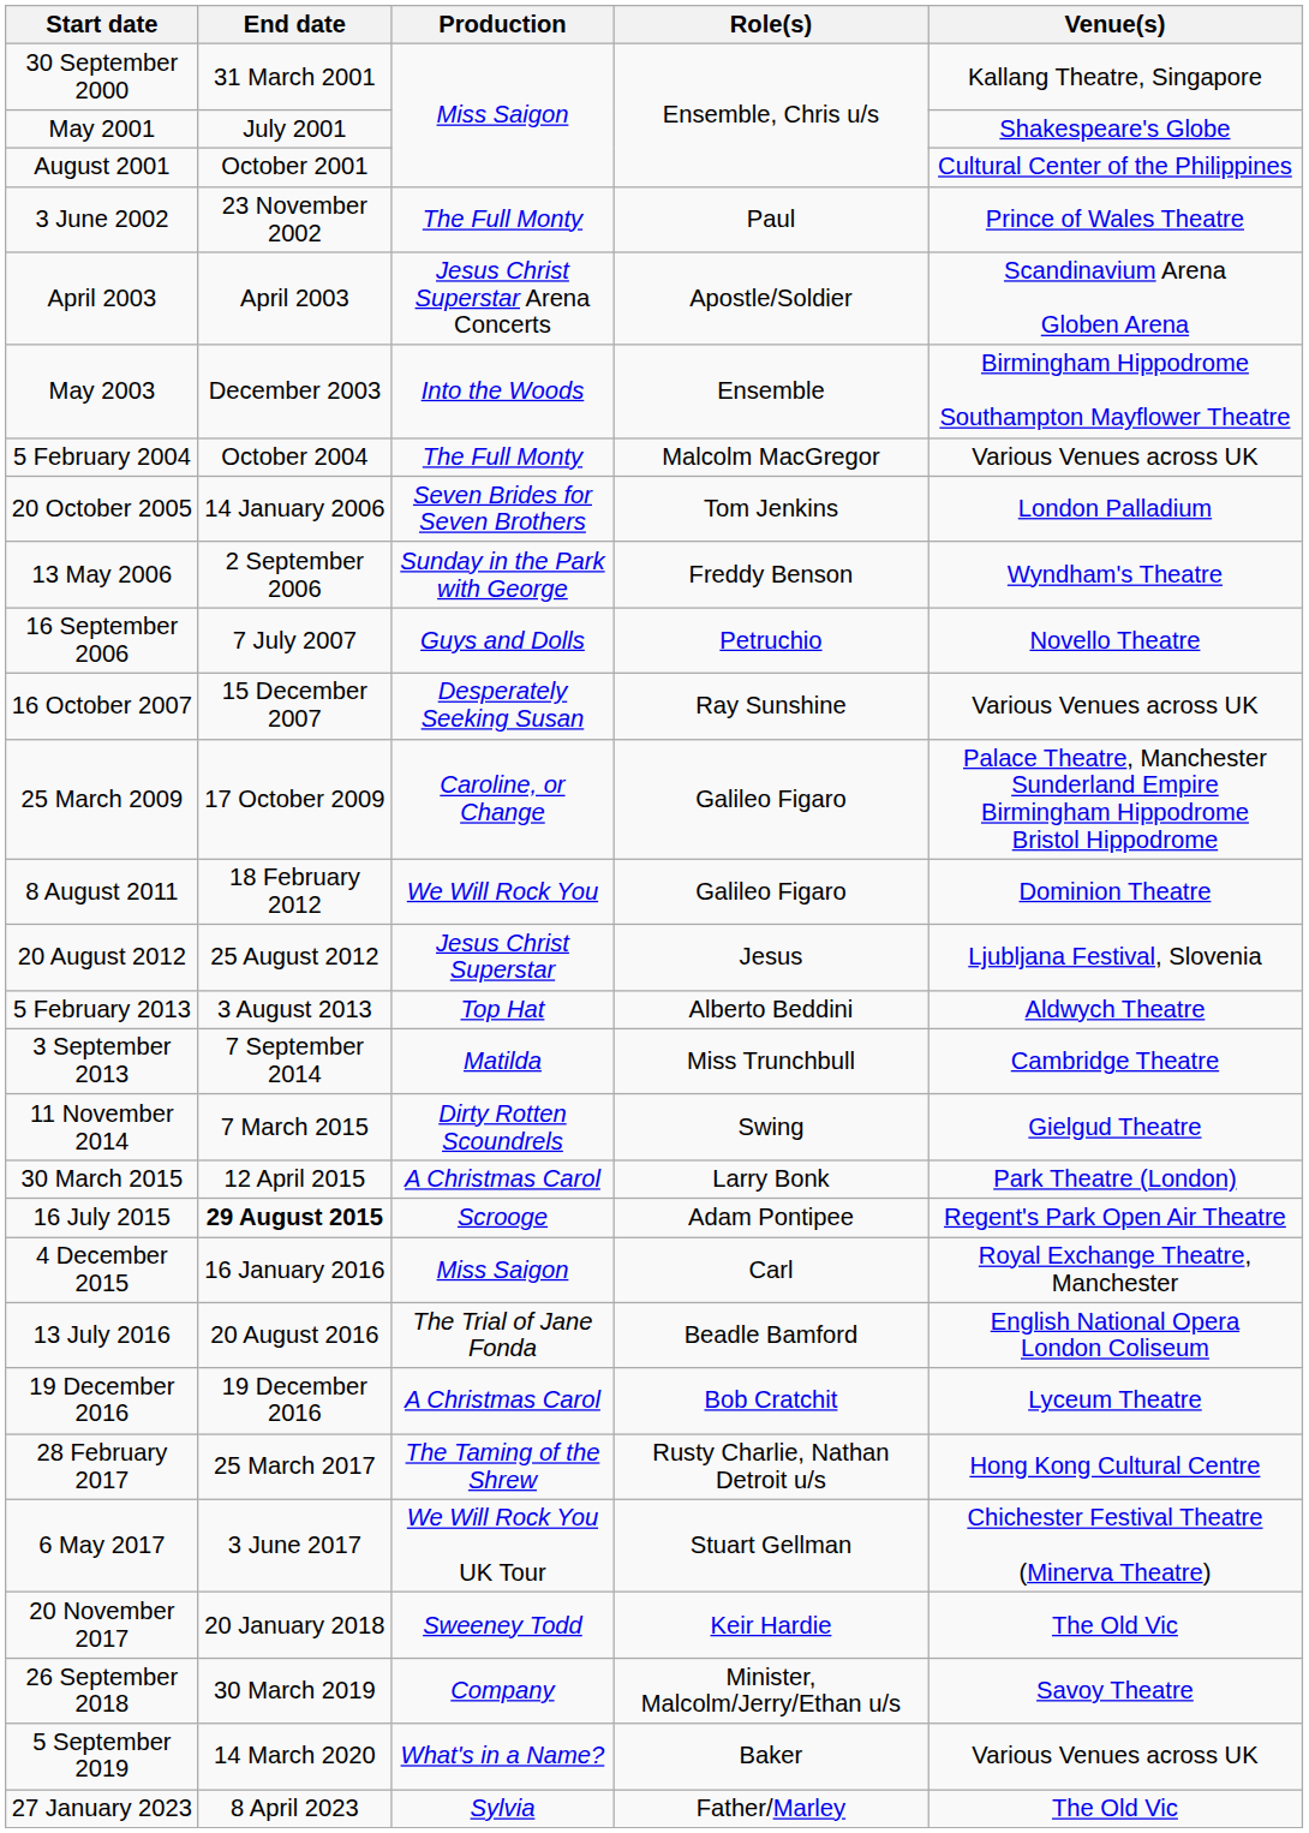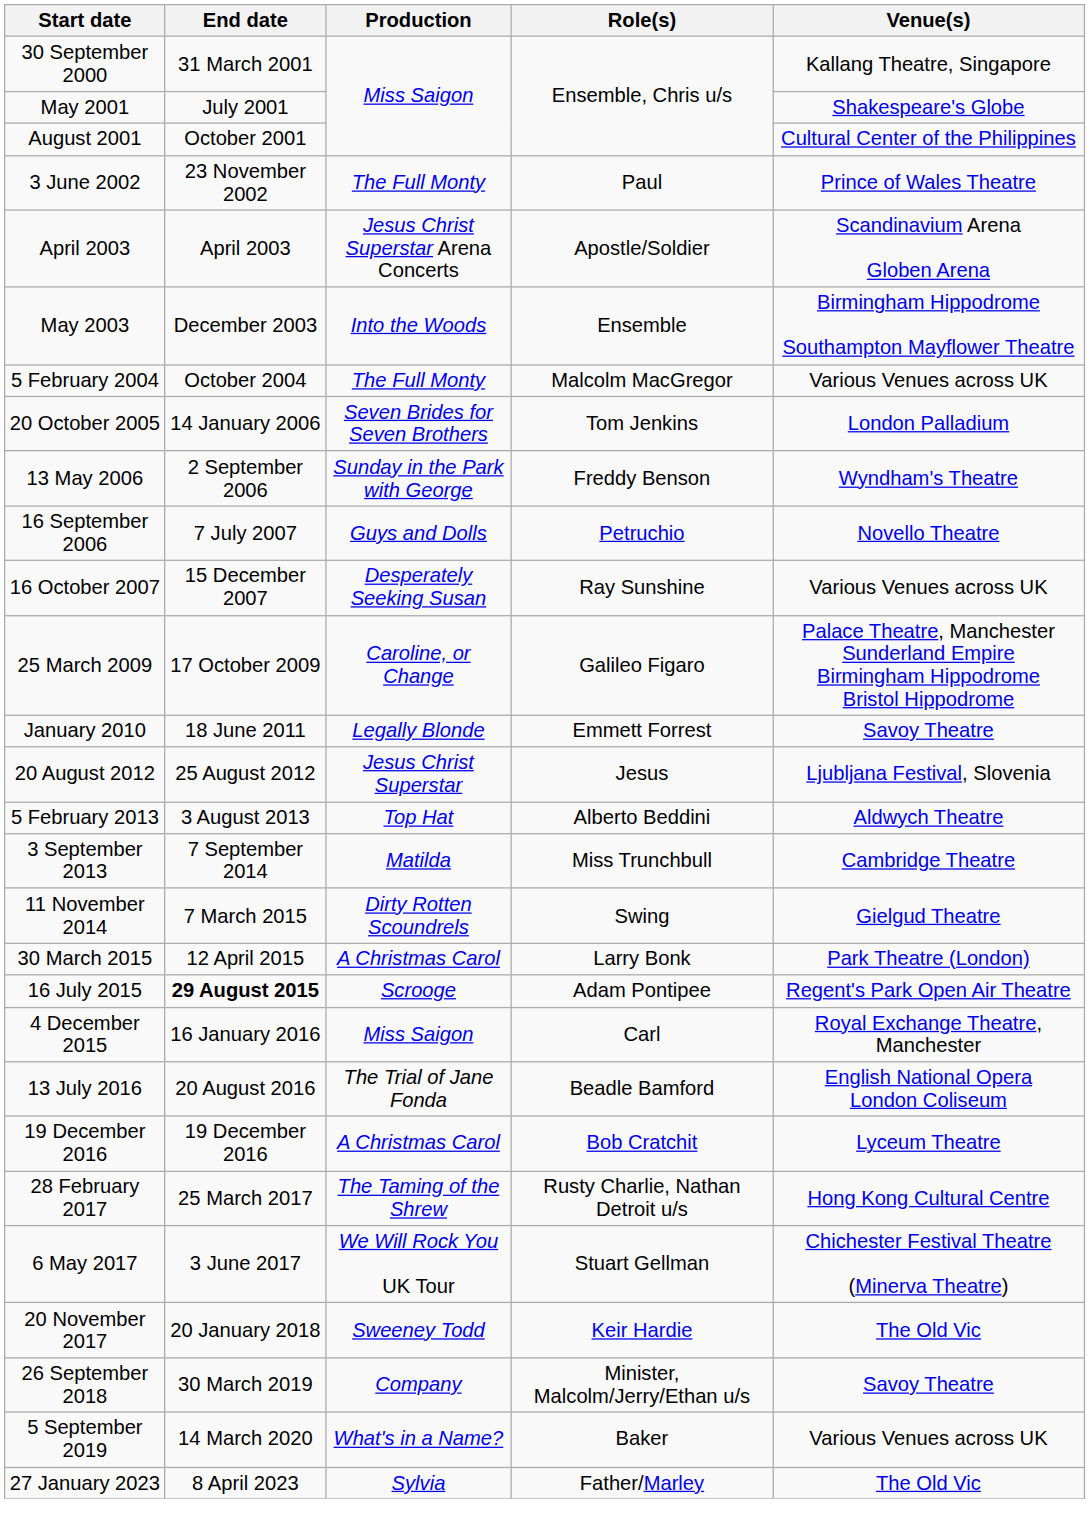 <table class="wikitable sortable" style="text-align:center;">
 <tr>
 <th style="width:120px;" data-sort-type="date">Start date</th>
 <th style="width:120px;" data-sort-type="date">End date</th>
 <th style="width:140px;">Production</th>
 <th style="width:200px;">Role(s)</th>
 <th style="width:240px;">Venue(s)</th>
 </tr>
 <tr style="text-align:center;">
 <td>30 September 2000</td>
 <td>31 March 2001</td>
 <td rowspan="3"><em><a href='#'>Miss Saigon</a></em></td>
 <td rowspan="3">Ensemble, Chris u/s</td>
 <td>Kallang Theatre, Singapore</td>
 </tr>
 <tr>
 <td data-sort-value="01.may.2001">May 2001</td>
 <td data-sort-value="01.jul.2001">July 2001</td>
 <td><a href='#'>Shakespeare's Globe</a></td>
 </tr>
 <tr>
 <td data-sort-value="01.aug.2001">August 2001</td>
 <td data-sort-value="01.oct.2001">October 2001</td>
 <td><a href='#'>Cultural Center of the Philippines</a></td>
 </tr>
 <tr>
 <td>3 June 2002</td>
 <td>23 November 2002</td>
 <td><em><a href='#'>The Full Monty</a></em></td>
 <td>Paul</td>
 <td><a href='#'>Prince of Wales Theatre</a></td>
 </tr>
 <tr>
 <td data-sort-value="01.apr.2003">April 2003</td>
 <td data-sort-value="02.apr.2003">April 2003</td>
 <td><em><a href='#'>Jesus Christ Superstar</a></em> Arena Concerts</td>
 <td>Apostle/Soldier</td>
 <td><a href='#'>Scandinavium</a> Arena<br><br><a href='#'>Globen Arena</a></td>
 </tr>
 <tr>
 <td data-sort-value="01.may.2003">May 2003</td>
 <td data-sort-value="01.dec.2003">December 2003</td>
 <td><em><a href='#'>Into the Woods</a></em></td>
 <td>Ensemble</td>
 <td><a href='#'>Birmingham Hippodrome</a><br><br><a href='#'>Southampton Mayflower Theatre</a></td>
 </tr>
 <tr>
 <td>5 February 2004</td>
 <td data-sort-value="01.oct.2004">October 2004</td>
 <td><em><a href='#'>The Full Monty</a></em></td>
 <td>Malcolm MacGregor</td>
 <td>Various Venues across UK</td>
 </tr>
 <tr>
 <td>20 October 2005</td>
 <td>14 January 2006</td>
 <td><em><a href='#'>Seven Brides for Seven Brothers</a></em></td>
 <td>Tom Jenkins</td>
 <td><a href='#'>London Palladium</a></td>
 </tr>
 <tr>
 <td>13 May 2006</td>
 <td>2 September 2006</td>
 <td><em><a href='#'>Sunday in the Park with George</a></em></td>
 <td>Freddy Benson</td>
 <td><a href='#'>Wyndham's Theatre</a></td>
 </tr>
 <tr>
 <td>16 September 2006</td>
 <td>7 July 2007</td>
 <td><em><a href='#'>Guys and Dolls</a></em></td>
 <td><a href='#'>Petruchio</a></td>
 <td><a href='#'>Novello Theatre</a></td>
 </tr>
 <tr>
 <td>16 October 2007</td>
 <td>15 December 2007</td>
 <td><em><a href='#'>Desperately Seeking Susan</a></em></td>
 <td>Ray Sunshine</td>
 <td>Various Venues across UK</td>
 </tr>
 <tr>
 <td>25 March 2009</td>
 <td>17 October 2009</td>
 <td><em><a href='#'>Caroline, or Change</a></em></td>
 <td>Galileo Figaro</td>
 <td><a href='#'>Palace Theatre</a>, Manchester<br><a href='#'>Sunderland Empire</a><br> <a href='#'>Birmingham Hippodrome</a><br> <a href='#'>Bristol Hippodrome</a></td>
 </tr>
 <tr>
-<td>8 August 2011</td>
-<td>18 February 2012</td>
-<td><em><a href='#'>We Will Rock You</a></em></td>
-<td>Galileo Figaro</td>
-<td><a href='#'>Dominion Theatre</a></td>
+<td data-sort-value="01.jan.2010">January 2010</td>
+<td>18 June 2011</td>
+<td><em><a href='#'>Legally Blonde</a></em></td>
+<td>Emmett Forrest</td>
+<td><a href='#'>Savoy Theatre</a></td>
 </tr>
 <tr>
 <td>20 August 2012</td>
 <td>25 August 2012</td>
 <td><em><a href='#'>Jesus Christ Superstar</a></em></td>
 <td>Jesus</td>
 <td><a href='#'>Ljubljana Festival</a>, Slovenia</td>
 </tr>
 <tr>
 <td>5 February 2013</td>
 <td>3 August 2013</td>
 <td><em><a href='#'>Top Hat</a></em></td>
 <td>Alberto Beddini</td>
 <td><a href='#'>Aldwych Theatre</a></td>
 </tr>
 <tr>
 <td>3 September 2013</td>
 <td>7 September 2014</td>
 <td><em><a href='#'>Matilda</a></em></td>
 <td>Miss Trunchbull</td>
 <td><a href='#'>Cambridge Theatre</a></td>
 </tr>
 <tr>
 <td>11 November 2014</td>
 <td>7 March 2015</td>
 <td><em><a href='#'>Dirty Rotten Scoundrels</a></em></td>
 <td>Swing</td>
 <td><a href='#'>Gielgud Theatre</a></td>
 </tr>
 <tr>
 <td>30 March 2015</td>
 <td>12 April 2015</td>
 <td><em><a href='#'>A Christmas Carol</a></em></td>
 <td>Larry Bonk</td>
 <td><a href='#'>Park Theatre (London)</a></td>
 </tr>
 <tr>
 <td>16 July 2015</td>
 <td><strong>29 August 2015</strong></td>
 <td><em><a href='#'>Scrooge</a></em></td>
 <td>Adam Pontipee</td>
 <td><a href='#'>Regent's Park Open Air Theatre</a></td>
 </tr>
 <tr>
 <td>4 December 2015</td>
 <td>16 January 2016</td>
 <td><em><a href='#'>Miss Saigon</a></em></td>
 <td>Carl</td>
 <td><a href='#'>Royal Exchange Theatre</a>, Manchester</td>
 </tr>
 <tr>
 <td>13 July 2016</td>
 <td>20 August 2016</td>
 <td><em>The Trial of Jane Fonda</em></td>
 <td>Beadle Bamford</td>
 <td><a href='#'>English National Opera</a><br><a href='#'>London Coliseum</a></td>
 </tr>
 <tr>
 <td>19 December 2016</td>
 <td>19 December 2016</td>
 <td><em><a href='#'>A Christmas Carol</a></em></td>
 <td><a href='#'>Bob Cratchit</a></td>
 <td><a href='#'>Lyceum Theatre</a></td>
 </tr>
 <tr>
 <td>28 February 2017</td>
 <td>25 March 2017</td>
 <td><em><a href='#'>The Taming of the Shrew</a></em></td>
 <td>Rusty Charlie, Nathan Detroit u/s</td>
 <td><a href='#'>Hong Kong Cultural Centre</a></td>
 </tr>
 <tr>
 <td>6 May 2017</td>
 <td>3 June 2017</td>
 <td><em><a href='#'>We Will Rock You</a></em><br><br>UK Tour</td>
 <td>Stuart Gellman</td>
 <td><a href='#'>Chichester Festival Theatre</a><br><br>(<a href='#'>Minerva Theatre</a>)</td>
 </tr>
 <tr>
 <td>20 November 2017</td>
 <td>20 January 2018</td>
 <td><em><a href='#'>Sweeney Todd</a></em></td>
 <td><a href='#'>Keir Hardie</a></td>
 <td><a href='#'>The Old Vic</a></td>
 </tr>
 <tr>
 <td>26 September 2018</td>
 <td>30 March 2019</td>
 <td><em><a href='#'>Company</a></em></td>
 <td>Minister, Malcolm/Jerry/Ethan u/s</td>
 <td><a href='#'>Savoy Theatre</a></td>
 </tr>
 <tr>
 <td>5 September 2019</td>
 <td>14 March 2020</td>
 <td><em><a href='#'>What's in a Name?</a></em></td>
 <td>Baker</td>
 <td>Various Venues across UK</td>
 </tr>
 <tr>
 <td>27 January 2023</td>
 <td>8 April 2023</td>
 <td><em><a href='#'>Sylvia</a></em></td>
 <td>Father/<a href='#'>Marley</a></td>
 <td><a href='#'>The Old Vic</a></td>
 </tr>
 </table>
